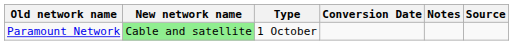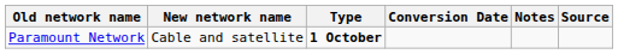 <table class="wikitable">
 <tr>
 <th>Old network name</th>
 <th>New network name</th>
 <th>Type</th>
 <th>Conversion Date</th>
 <th>Notes</th>
 <th>Source</th>
 </tr>
 <tr>
 <td><a href='#'>Paramount Network</a></td>
-<td style="background: lightgreen;">Cable and satellite</td>
-<td>1 October</td>
+<td>Cable and satellite</td>
+<td><strong>1 October</strong></td>
 <td></td>
 <td></td>
 </tr>
 </table>
